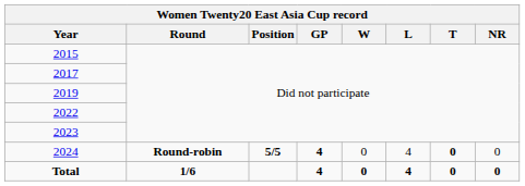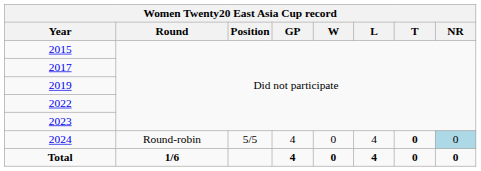 <table class="wikitable" style="text-align: center; width=900px;">
 <tr>
 <th colspan=9>Women Twenty20 East Asia Cup record</th>
 </tr>
 <tr>
 <th width=150>Year</th>
 <th width=150>Round</th>
 <th width=50>Position</th>
 <th width=50>GP</th>
 <th width=50>W</th>
 <th width=50>L</th>
 <th width=50>T</th>
 <th width=50>NR</th>
 </tr>
 <tr>
 <td> <a href='#'>2015</a></td>
 <td rowspan=5 colspan=8>Did not participate</td>
 </tr>
 <tr>
 <td> <a href='#'>2017</a></td>
 </tr>
 <tr>
 <td> <a href='#'>2019</a></td>
 </tr>
 <tr>
 <td> <a href='#'>2022</a></td>
 </tr>
 <tr>
 <td> <a href='#'>2023</a></td>
 </tr>
 <tr>
 <td> <a href='#'>2024</a></td>
-<td><strong>Round-robin</strong></td>
-<td><strong>5/5</strong></td>
-<td><strong>4</strong></td>
+<td>Round-robin</td>
+<td>5/5</td>
+<td>4</td>
 <td>0</td>
 <td>4</td>
 <td><strong>0</strong></td>
-<td>0</td>
+<td style="background: lightblue;">0</td>
 </tr>
 <tr>
 <td><strong>Total</strong></td>
 <td><strong>1/6</strong></td>
 <td></td>
 <td><strong>4</strong></td>
 <td><strong>0</strong></td>
 <td><strong>4</strong></td>
 <td><strong>0</strong></td>
 <td><strong>0</strong></td>
 </tr>
 </table>
